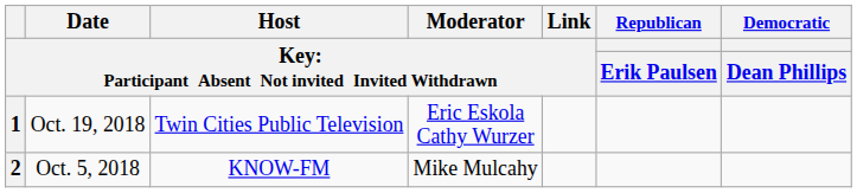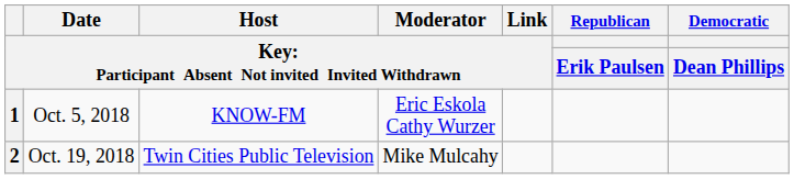 <table class="wikitable" style="text-align:center;">
 <tr>
 <th scope="col"></th>
 <th scope="col">Date</th>
 <th scope="col">Host</th>
 <th scope="col">Moderator</th>
 <th scope="col">Link</th>
 <th scope="col"><small><a href='#'>Republican</a></small></th>
 <th scope="col"><small><a href='#'>Democratic</a></small></th>
 </tr>
 <tr>
 <th colspan="5" rowspan="2">Key:<br> <small>Participant </small>  <small>Absent </small>  <small>Not invited </small>  <small>Invited  Withdrawn</small></th>
 <th scope="col" style="background:"></th>
 <th scope="col" style="background:"></th>
 </tr>
 <tr>
 <th scope="col"><a href='#'>Erik Paulsen</a></th>
 <th scope="col"><a href='#'>Dean Phillips</a></th>
 </tr>
 <tr>
 <th>1</th>
-<td style="white-space:nowrap;">Oct. 19, 2018</td>
-<td style="white-space:nowrap;"><a href='#'>Twin Cities Public Television</a></td>
+<td style="white-space:nowrap;">Oct. 5, 2018</td>
+<td style="white-space:nowrap;"><a href='#'>KNOW-FM</a></td>
 <td style="white-space:nowrap;"><a href='#'>Eric Eskola</a><br><a href='#'>Cathy Wurzer</a></td>
 <td style="white-space:nowrap;"></td>
 <td></td>
 <td></td>
 </tr>
 <tr>
 <th>2</th>
-<td style="white-space:nowrap;">Oct. 5, 2018</td>
-<td style="white-space:nowrap;"><a href='#'>KNOW-FM</a></td>
+<td style="white-space:nowrap;">Oct. 19, 2018</td>
+<td style="white-space:nowrap;"><a href='#'>Twin Cities Public Television</a></td>
 <td style="white-space:nowrap;">Mike Mulcahy</td>
 <td style="white-space:nowrap;"></td>
 <td></td>
 <td></td>
 </tr>
 </table>
